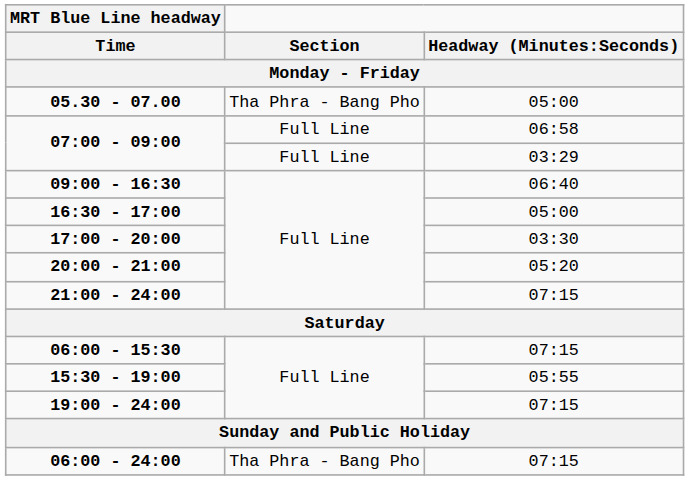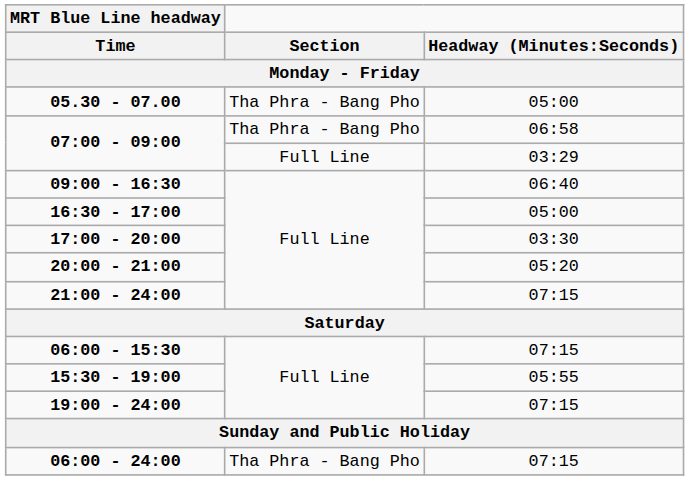 <table class="wikitable" style="margin:auto;font-align:center;text-align:center;font-size:80%;">
 <tr>
 <th style="background:#"><strong>MRT Blue Line headway</strong></th>
 </tr>
 <tr>
 <th style="background:#">Time</th>
 <th style="background:#">Section</th>
 <th style="background:#">Headway (Minutes:Seconds)</th>
 </tr>
 <tr>
 <th colspan="3">Monday - Friday</th>
 </tr>
 <tr>
 <td><strong>05.30 - 07.00</strong></td>
 <td> Tha Phra -  Bang Pho</td>
 <td>05:00</td>
 </tr>
 <tr>
 <td rowspan="2"><strong>07:00 - 09:00</strong></td>
-<td>Full Line</td>
+<td> Tha Phra -  Bang Pho</td>
 <td>06:58</td>
 </tr>
 <tr>
 <td>Full Line</td>
 <td>03:29</td>
 </tr>
 <tr>
 <td><strong>09:00 - 16:30</strong></td>
 <td rowspan="5">Full Line</td>
 <td>06:40</td>
 </tr>
 <tr>
 <td><strong>16:30 - 17:00</strong></td>
 <td>05:00</td>
 </tr>
 <tr>
 <td><strong>17:00 - 20:00</strong></td>
 <td>03:30</td>
 </tr>
 <tr>
 <td><strong>20:00 - 21:00</strong></td>
 <td>05:20</td>
 </tr>
 <tr>
 <td><strong>21:00 - 24:00</strong></td>
 <td>07:15</td>
 </tr>
 <tr>
 <th colspan="3">Saturday</th>
 </tr>
 <tr>
 <td><strong>06:00 - 15:30</strong></td>
 <td rowspan="3">Full Line</td>
 <td>07:15</td>
 </tr>
 <tr>
 <td><strong>15:30 - 19:00</strong></td>
 <td>05:55</td>
 </tr>
 <tr>
 <td><strong>19:00 - 24:00</strong></td>
 <td>07:15</td>
 </tr>
 <tr>
 <th colspan="3">Sunday and Public Holiday</th>
 </tr>
 <tr>
 <td><strong>06:00 - 24:00</strong></td>
 <td> Tha Phra -  Bang Pho</td>
 <td>07:15</td>
 </tr>
 </table>
